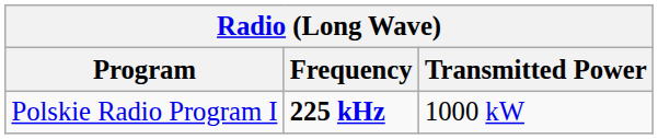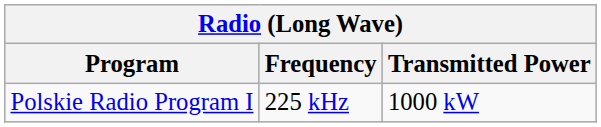 <table class="wikitable" style="width; 350px;">
 <tr>
 <th colspan="4" align="center'"><a href='#'>Radio</a> (Long Wave)</th>
 </tr>
 <tr>
 <th>Program</th>
 <th>Frequency</th>
 <th>Transmitted Power</th>
 </tr>
 <tr>
 <td><a href='#'>Polskie Radio Program I</a></td>
-<td><strong>225 <a href='#'>kHz</a></strong></td>
+<td>225 <a href='#'>kHz</a></td>
 <td>1000 <a href='#'>kW</a></td>
 </tr>
 </table>
